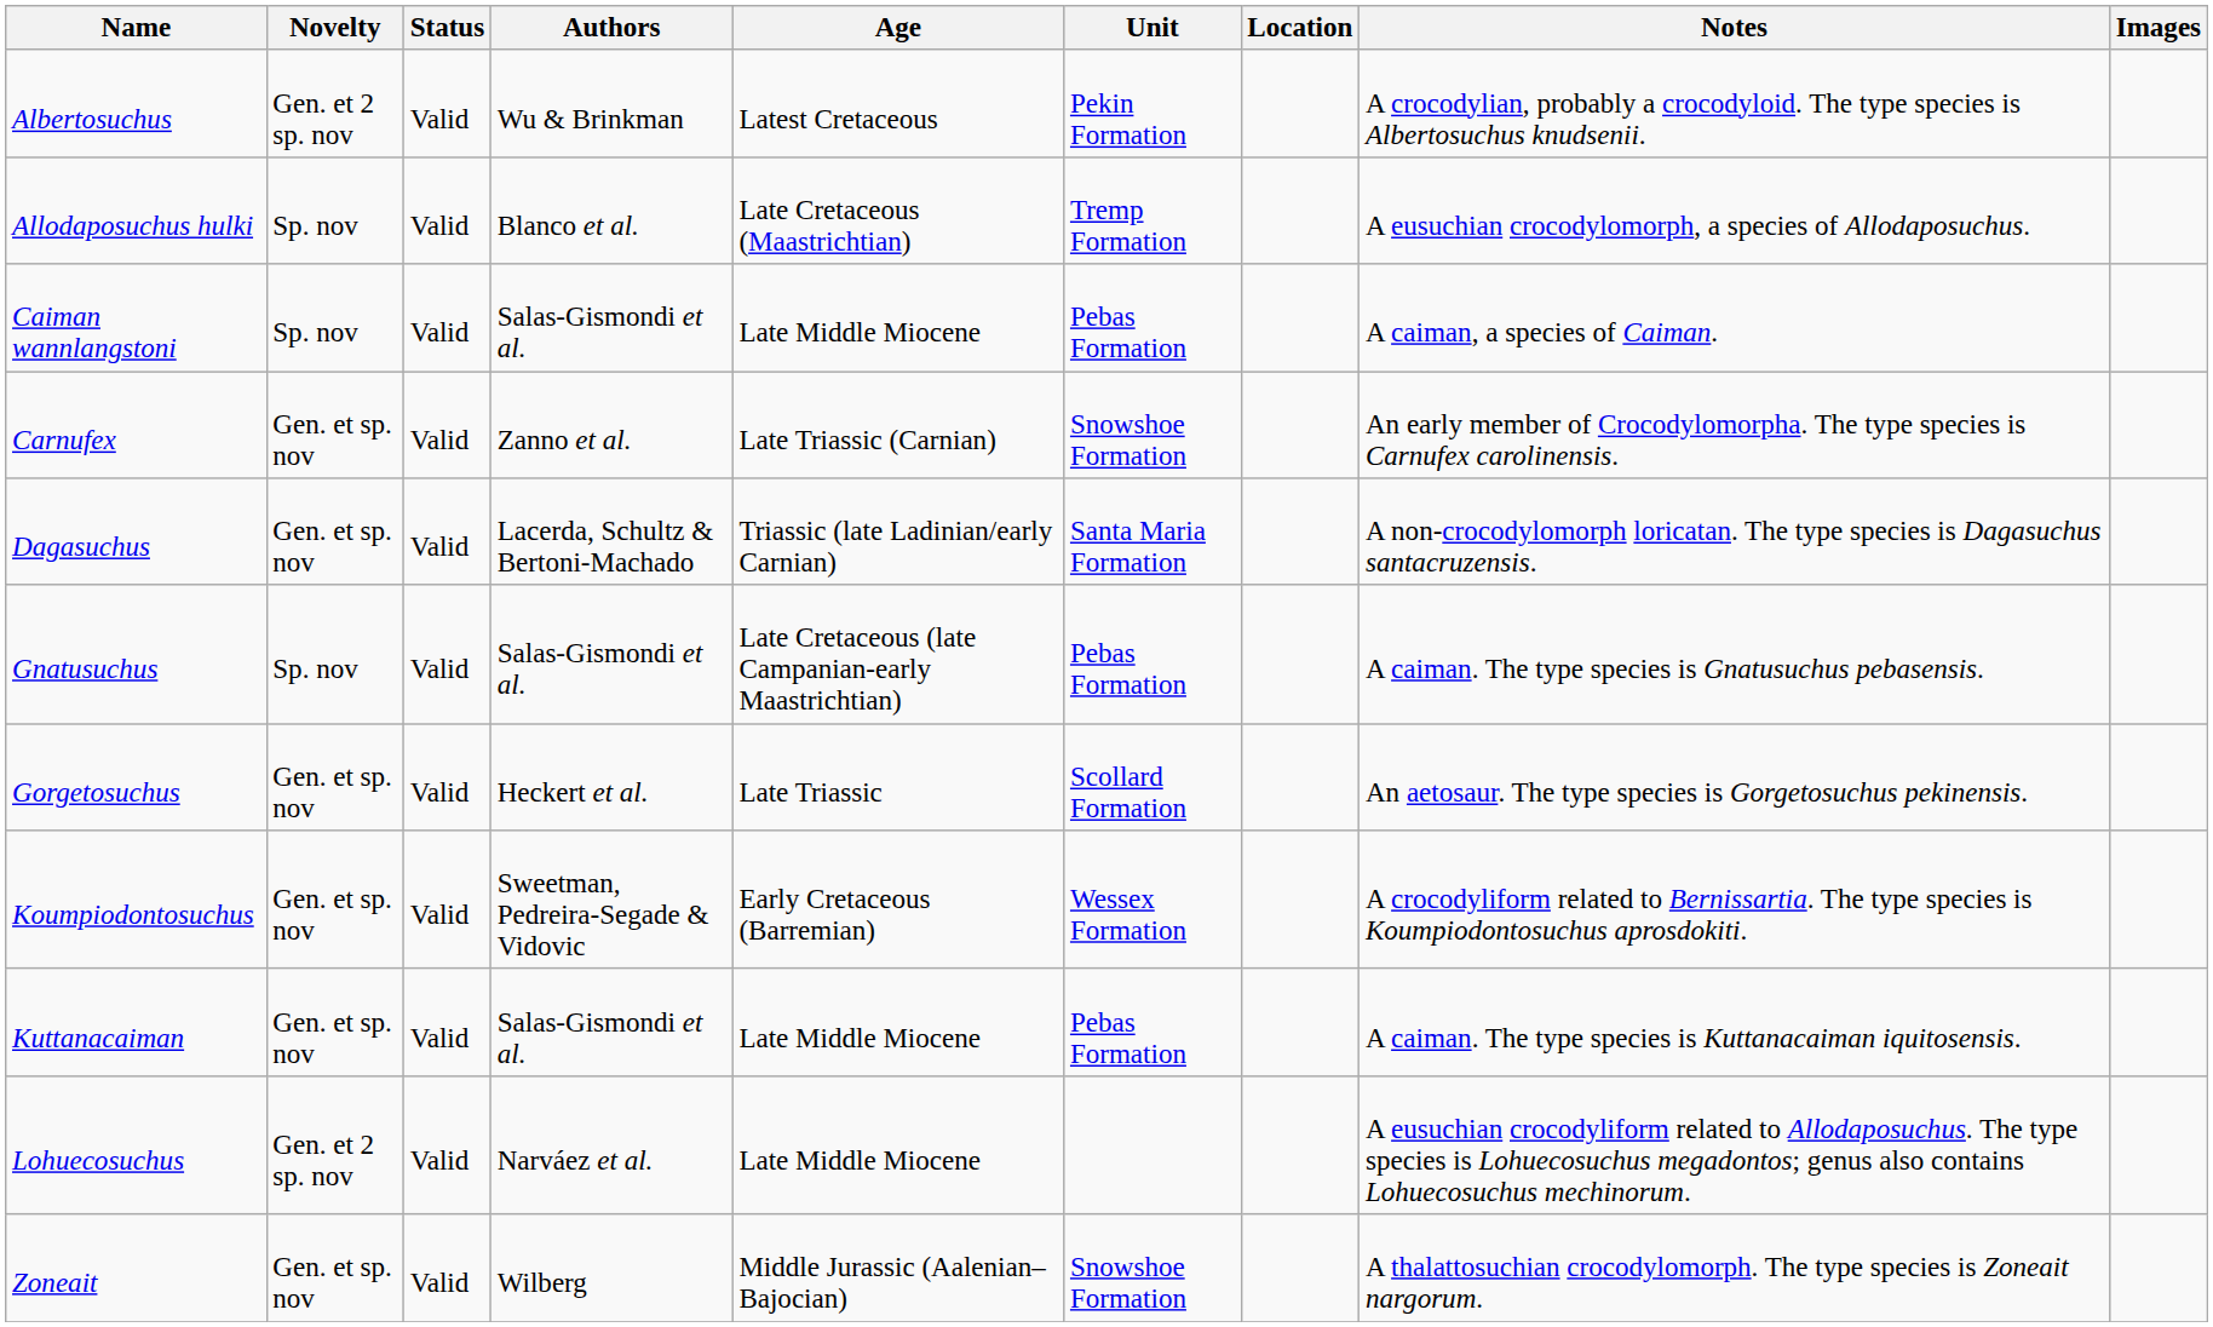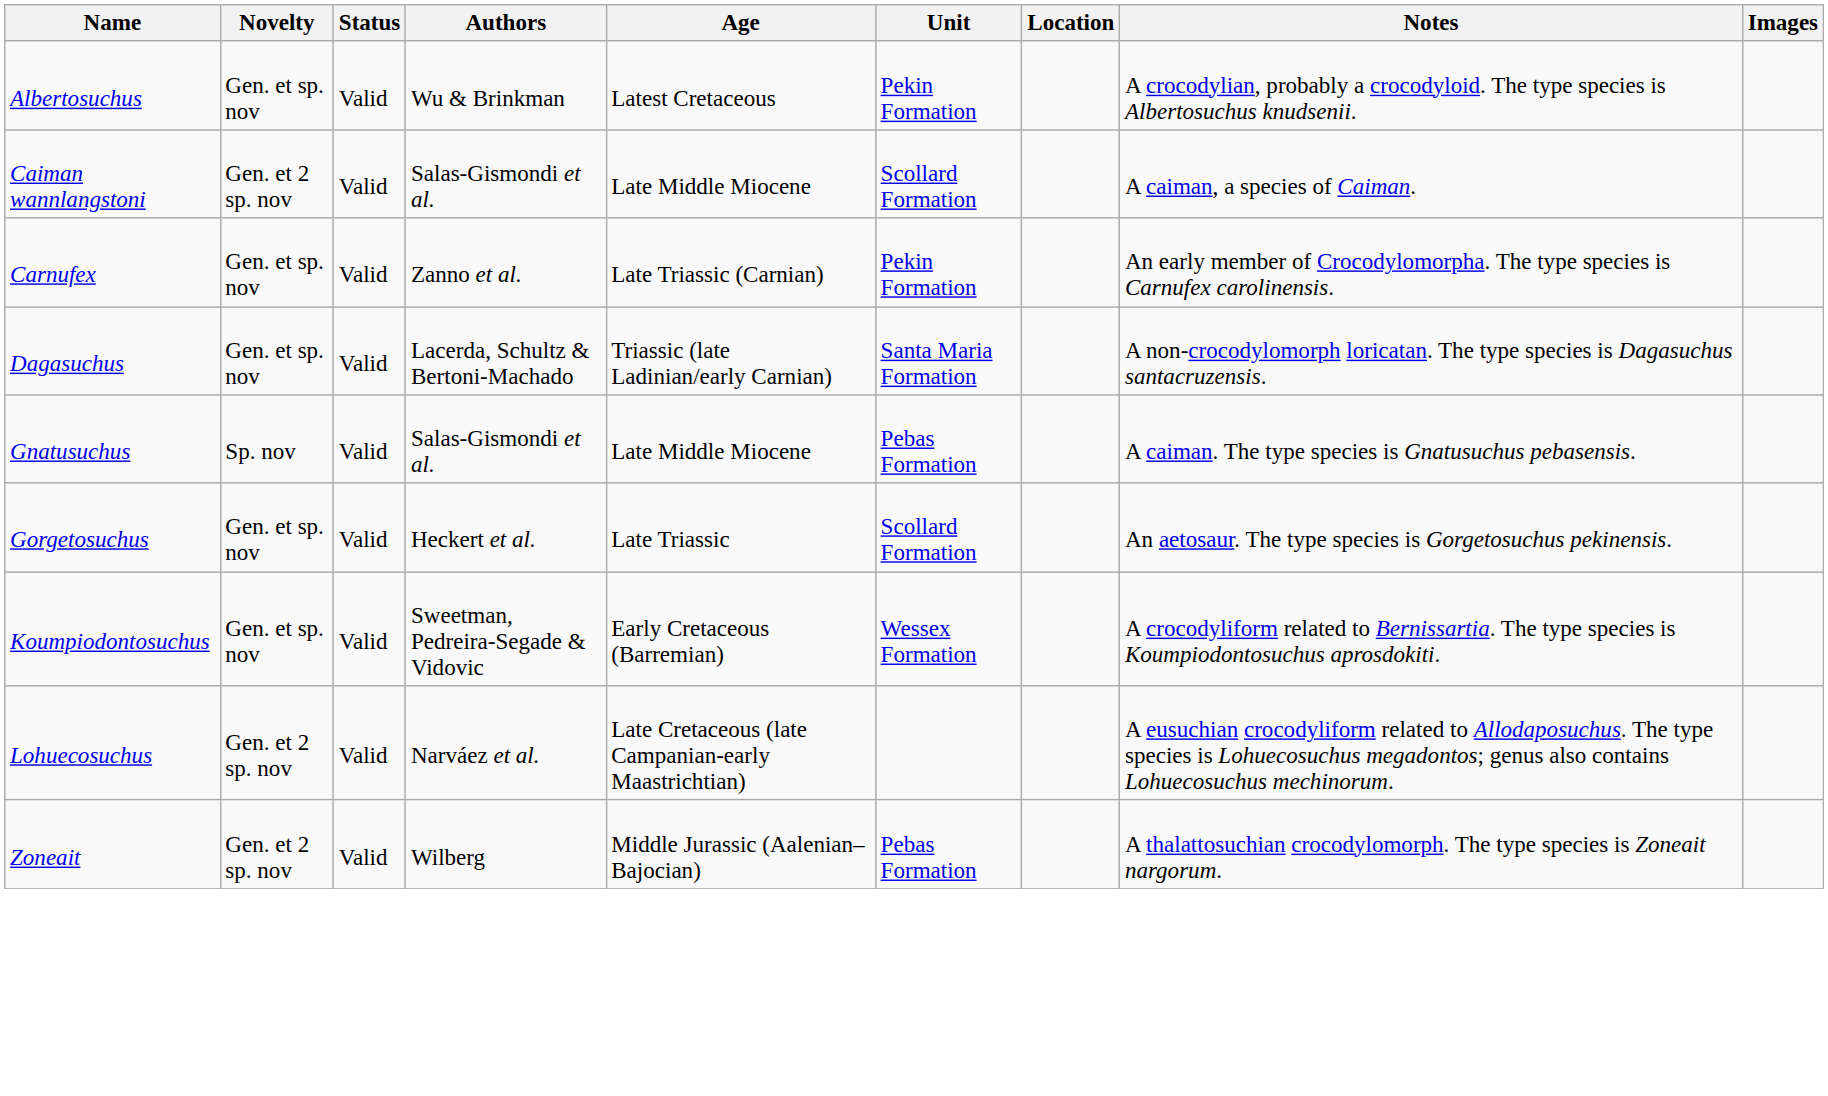 <table class="wikitable sortable"  style="margin:auto; width:100%;">
 <tr>
 <th>Name</th>
 <th>Novelty</th>
 <th>Status</th>
 <th>Authors</th>
 <th>Age</th>
 <th>Unit</th>
 <th>Location</th>
 <th>Notes</th>
 <th>Images</th>
 </tr>
 <tr>
 <td><br><em><a href='#'>Albertosuchus</a></em></td>
-<td><br>Gen. et 2 sp. nov</td>
+<td><br>Gen. et sp. nov</td>
 <td><br>Valid</td>
 <td><br>Wu & Brinkman</td>
 <td><br>Latest Cretaceous</td>
 <td><br><a href='#'>Pekin Formation</a></td>
 <td><br></td>
 <td><br>A <a href='#'>crocodylian</a>, probably a <a href='#'>crocodyloid</a>. The type species is <em>Albertosuchus knudsenii</em>.</td>
 <td></td>
 </tr>
 <tr>
-<td><br><em><a href='#'>Allodaposuchus hulki</a></em></td>
-<td><br>Sp. nov</td>
-<td><br>Valid</td>
-<td><br>Blanco <em>et al.</em></td>
-<td><br>Late Cretaceous (<a href='#'>Maastrichtian</a>)</td>
-<td><br><a href='#'>Tremp Formation</a></td>
-<td><br></td>
-<td><br>A <a href='#'>eusuchian</a> <a href='#'>crocodylomorph</a>, a species of <em>Allodaposuchus</em>.</td>
-<td></td>
-</tr>
-<tr>
 <td><br><em><a href='#'>Caiman wannlangstoni</a></em></td>
-<td><br>Sp. nov</td>
+<td><br>Gen. et 2 sp. nov</td>
 <td><br>Valid</td>
 <td><br>Salas-Gismondi <em>et al.</em></td>
 <td><br>Late Middle Miocene</td>
-<td><br><a href='#'>Pebas Formation</a></td>
+<td><br><a href='#'>Scollard Formation</a></td>
 <td><br></td>
 <td><br>A <a href='#'>caiman</a>, a species of <em><a href='#'>Caiman</a></em>.</td>
 <td></td>
 </tr>
 <tr>
 <td><br><em><a href='#'>Carnufex</a></em></td>
 <td><br>Gen. et sp. nov</td>
 <td><br>Valid</td>
 <td><br>Zanno <em>et al.</em></td>
 <td><br>Late Triassic (Carnian)</td>
-<td><br><a href='#'>Snowshoe Formation</a></td>
+<td><br><a href='#'>Pekin Formation</a></td>
 <td><br></td>
 <td><br>An early member of <a href='#'>Crocodylomorpha</a>. The type species is <em>Carnufex carolinensis</em>.</td>
 <td></td>
 </tr>
 <tr>
 <td><br><em><a href='#'>Dagasuchus</a></em></td>
 <td><br>Gen. et sp. nov</td>
 <td><br>Valid</td>
 <td><br>Lacerda, Schultz & Bertoni-Machado</td>
 <td><br>Triassic (late Ladinian/early Carnian)</td>
 <td><br><a href='#'>Santa Maria Formation</a></td>
 <td><br></td>
 <td><br>A non-<a href='#'>crocodylomorph</a> <a href='#'>loricatan</a>. The type species is <em>Dagasuchus santacruzensis</em>.</td>
 <td></td>
 </tr>
 <tr>
 <td><br><em><a href='#'>Gnatusuchus</a></em></td>
 <td><br>Sp. nov</td>
 <td><br>Valid</td>
 <td><br>Salas-Gismondi <em>et al.</em></td>
-<td><br>Late Cretaceous (late Campanian-early Maastrichtian)</td>
+<td><br>Late Middle Miocene</td>
 <td><br><a href='#'>Pebas Formation</a></td>
 <td><br></td>
 <td><br>A <a href='#'>caiman</a>. The type species is <em>Gnatusuchus pebasensis</em>.</td>
 <td></td>
 </tr>
 <tr>
 <td><br><em><a href='#'>Gorgetosuchus</a></em></td>
 <td><br>Gen. et sp. nov</td>
 <td><br>Valid</td>
 <td><br>Heckert <em>et al.</em></td>
 <td><br>Late Triassic</td>
 <td><br><a href='#'>Scollard Formation</a></td>
 <td><br></td>
 <td><br>An <a href='#'>aetosaur</a>. The type species is <em>Gorgetosuchus pekinensis</em>.</td>
 <td></td>
 </tr>
 <tr>
 <td><br><em><a href='#'>Koumpiodontosuchus</a></em></td>
 <td><br>Gen. et sp. nov</td>
 <td><br>Valid</td>
 <td><br>Sweetman, Pedreira-Segade & Vidovic</td>
 <td><br>Early Cretaceous (Barremian)</td>
 <td><br><a href='#'>Wessex Formation</a></td>
 <td><br></td>
 <td><br>A <a href='#'>crocodyliform</a> related to <em><a href='#'>Bernissartia</a></em>. The type species is <em>Koumpiodontosuchus aprosdokiti</em>.</td>
 <td></td>
 </tr>
 <tr>
-<td><br><em><a href='#'>Kuttanacaiman</a></em></td>
-<td><br>Gen. et sp. nov</td>
-<td><br>Valid</td>
-<td><br>Salas-Gismondi <em>et al.</em></td>
-<td><br>Late Middle Miocene</td>
-<td><br><a href='#'>Pebas Formation</a></td>
-<td><br></td>
-<td><br>A <a href='#'>caiman</a>. The type species is <em>Kuttanacaiman iquitosensis</em>.</td>
-<td></td>
-</tr>
-<tr>
 <td><br><em><a href='#'>Lohuecosuchus</a></em></td>
 <td><br>Gen. et 2 sp. nov</td>
 <td><br>Valid</td>
 <td><br>Narváez <em>et al.</em></td>
-<td><br>Late Middle Miocene</td>
+<td><br>Late Cretaceous (late Campanian-early Maastrichtian)</td>
 <td></td>
 <td><br><br> </td>
 <td><br>A <a href='#'>eusuchian</a> <a href='#'>crocodyliform</a> related to <em><a href='#'>Allodaposuchus</a></em>. The type species is <em>Lohuecosuchus megadontos</em>; genus also contains <em>Lohuecosuchus mechinorum</em>.</td>
 <td></td>
 </tr>
 <tr>
 <td><br><em><a href='#'>Zoneait</a></em></td>
-<td><br>Gen. et sp. nov</td>
+<td><br>Gen. et 2 sp. nov</td>
 <td><br>Valid</td>
 <td><br>Wilberg</td>
 <td><br>Middle Jurassic (Aalenian–Bajocian)</td>
-<td><br><a href='#'>Snowshoe Formation</a></td>
+<td><br><a href='#'>Pebas Formation</a></td>
 <td><br></td>
 <td><br>A <a href='#'>thalattosuchian</a> <a href='#'>crocodylomorph</a>. The type species is <em>Zoneait nargorum</em>.</td>
 <td></td>
 </tr>
 </table>
